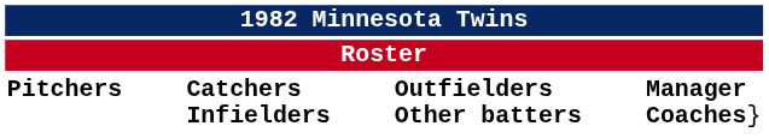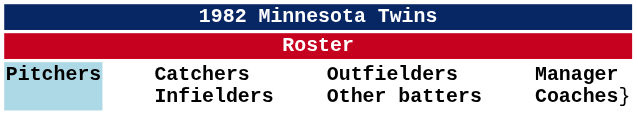 <table class="toccolours" style="font-size: 95%;">
 <tr>
 <th colspan="10" style="background-color: #072764; color: #FFFFFF; text-align: center;">1982 Minnesota Twins</th>
 </tr>
 <tr>
 <td colspan="10" style="background-color: #c6011f; color: white; text-align: center;"><strong>Roster</strong></td>
 </tr>
 <tr>
-<td valign="top"><strong>Pitchers</strong><br>                </td>
+<td valign="top" style="background: lightblue;"><strong>Pitchers</strong><br>                </td>
 <td width="25px"></td>
 <td valign="top"><strong>Catchers</strong><br>    <strong>Infielders</strong>         </td>
 <td width="25px"></td>
 <td valign="top"><strong>Outfielders</strong><br>      <strong>Other batters</strong>   </td>
 <td width="25px"></td>
 <td valign="top"><strong>Manager</strong><br> <strong>Coaches</strong>}    </td>
 </tr>
 </table>
